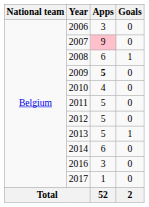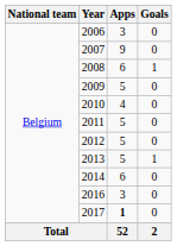 <table class=wikitable style="text-align: center;">
 <tr>
 <th>National team</th>
 <th>Year</th>
 <th>Apps</th>
 <th>Goals</th>
 </tr>
 <tr>
 <td rowspan=11><a href='#'>Belgium</a></td>
 <td>2006</td>
 <td>3</td>
 <td>0</td>
 </tr>
 <tr>
 <td>2007</td>
-<td style="background: pink;">9</td>
+<td>9</td>
 <td>0</td>
 </tr>
 <tr>
 <td>2008</td>
 <td>6</td>
 <td>1</td>
 </tr>
 <tr>
 <td>2009</td>
-<td><strong>5</strong></td>
+<td>5</td>
 <td>0</td>
 </tr>
 <tr>
 <td>2010</td>
 <td>4</td>
 <td>0</td>
 </tr>
 <tr>
 <td>2011</td>
 <td>5</td>
 <td>0</td>
 </tr>
 <tr>
 <td>2012</td>
 <td>5</td>
 <td>0</td>
 </tr>
 <tr>
 <td>2013</td>
 <td>5</td>
 <td>1</td>
 </tr>
 <tr>
 <td>2014</td>
 <td>6</td>
 <td>0</td>
 </tr>
 <tr>
 <td>2016</td>
 <td>3</td>
 <td>0</td>
 </tr>
 <tr>
 <td>2017</td>
-<td>1</td>
+<td><strong>1</strong></td>
 <td>0</td>
 </tr>
 <tr>
 <th colspan=2>Total</th>
 <th>52</th>
 <th>2</th>
 </tr>
 </table>
